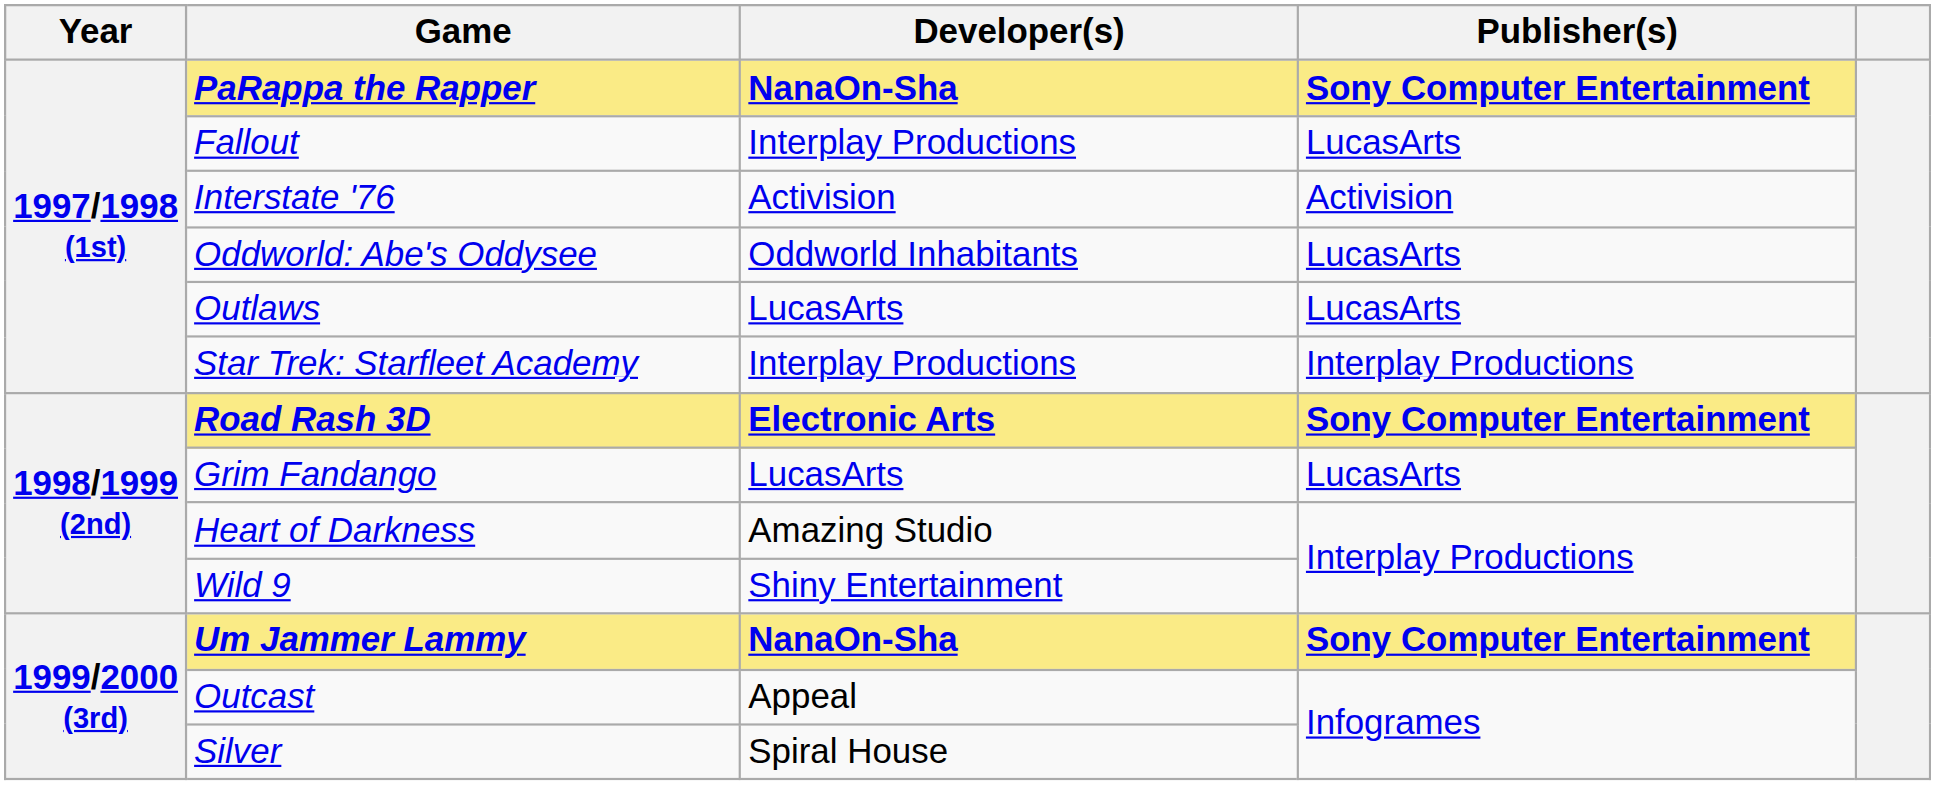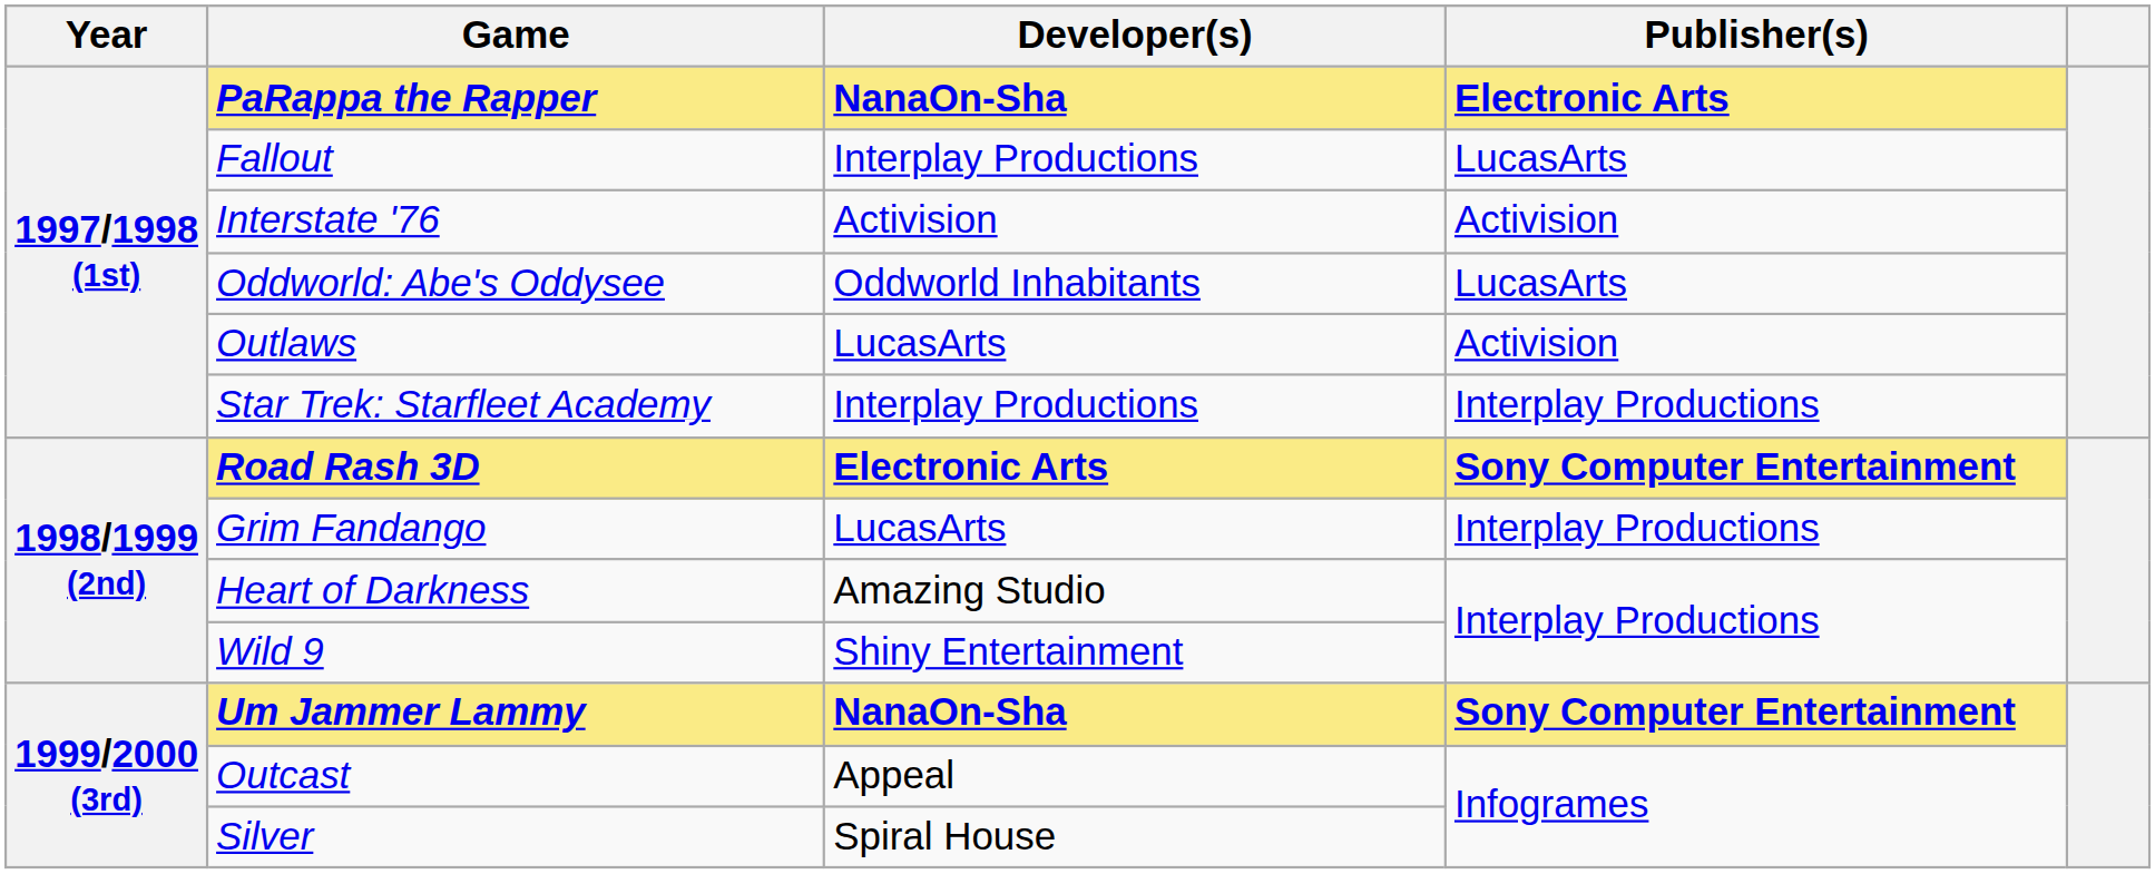 <table class="wikitable sortable" rowspan=2 style="width:100%;;">
 <tr style="background:#bebebe;">
 <th scope="col" style="width:6%;">Year</th>
 <th scope="col" style="width:30%;">Game</th>
 <th scope="col" style="width:30%;">Developer(s)</th>
 <th scope="col" style="width:30%;">Publisher(s)</th>
 <th scope="col" style="width:4%;" class="unsortable"></th>
 </tr>
 <tr>
 <th scope="row" rowspan="6" style="text-align:center"><a href='#'>1997</a>/<a href='#'>1998</a> <br><small><a href='#'>(1st)</a> </small></th>
 <td style="background:#FAEB86"><strong><em><a href='#'>PaRappa the Rapper</a></em></strong></td>
 <td style="background:#FAEB86"><strong><a href='#'>NanaOn-Sha</a></strong></td>
-<td style="background:#FAEB86"><strong><a href='#'>Sony Computer Entertainment</a></strong></td>
+<td style="background:#FAEB86"><strong><a href='#'>Electronic Arts</a></strong></td>
 <th scope="row" rowspan="6" style="text-align;center;"></th>
 </tr>
 <tr>
 <td><em><a href='#'>Fallout</a></em></td>
 <td><a href='#'>Interplay Productions</a></td>
 <td><a href='#'>LucasArts</a></td>
 </tr>
 <tr>
 <td><em><a href='#'>Interstate '76</a></em></td>
 <td><a href='#'>Activision</a></td>
 <td><a href='#'>Activision</a></td>
 </tr>
 <tr>
 <td><em><a href='#'>Oddworld: Abe's Oddysee</a></em></td>
 <td><a href='#'>Oddworld Inhabitants</a></td>
 <td><a href='#'>LucasArts</a></td>
 </tr>
 <tr>
 <td><em><a href='#'>Outlaws</a></em></td>
 <td><a href='#'>LucasArts</a></td>
-<td><a href='#'>LucasArts</a></td>
+<td><a href='#'>Activision</a></td>
 </tr>
 <tr>
 <td><em><a href='#'>Star Trek: Starfleet Academy</a></em></td>
 <td><a href='#'>Interplay Productions</a></td>
 <td><a href='#'>Interplay Productions</a></td>
 </tr>
 <tr>
 <th scope="row" rowspan="4" style="text-align:center"><a href='#'>1998</a>/<a href='#'>1999</a> <br><small><a href='#'>(2nd)</a> </small></th>
 <td style="background:#FAEB86"><strong><em><a href='#'>Road Rash 3D</a></em></strong></td>
 <td style="background:#FAEB86"><strong><a href='#'>Electronic Arts</a></strong></td>
 <td style="background:#FAEB86"><strong><a href='#'>Sony Computer Entertainment</a></strong></td>
 <th scope="row" rowspan="4" style="text-align;center;"></th>
 </tr>
 <tr>
 <td><em><a href='#'>Grim Fandango</a></em></td>
 <td><a href='#'>LucasArts</a></td>
-<td><a href='#'>LucasArts</a></td>
+<td><a href='#'>Interplay Productions</a></td>
 </tr>
 <tr>
 <td><em><a href='#'>Heart of Darkness</a></em></td>
 <td>Amazing Studio</td>
 <td rowspan=2><a href='#'>Interplay Productions</a></td>
 </tr>
 <tr>
 <td><em><a href='#'>Wild 9</a></em></td>
 <td><a href='#'>Shiny Entertainment</a></td>
 </tr>
 <tr>
 <th scope="row" rowspan="3" style="text-align:center"><a href='#'>1999</a>/<a href='#'>2000</a> <br><small><a href='#'>(3rd)</a> </small></th>
 <td style="background:#FAEB86"><strong><em><a href='#'>Um Jammer Lammy</a></em></strong></td>
 <td style="background:#FAEB86"><strong><a href='#'>NanaOn-Sha</a></strong></td>
 <td style="background:#FAEB86"><strong><a href='#'>Sony Computer Entertainment</a></strong></td>
 <th scope="row" rowspan="3" style="text-align;center;"></th>
 </tr>
 <tr>
 <td><em><a href='#'>Outcast</a></em></td>
 <td>Appeal</td>
 <td rowspan="2"><a href='#'>Infogrames</a></td>
 </tr>
 <tr>
 <td><em><a href='#'>Silver</a></em></td>
 <td>Spiral House</td>
 </tr>
 </table>
